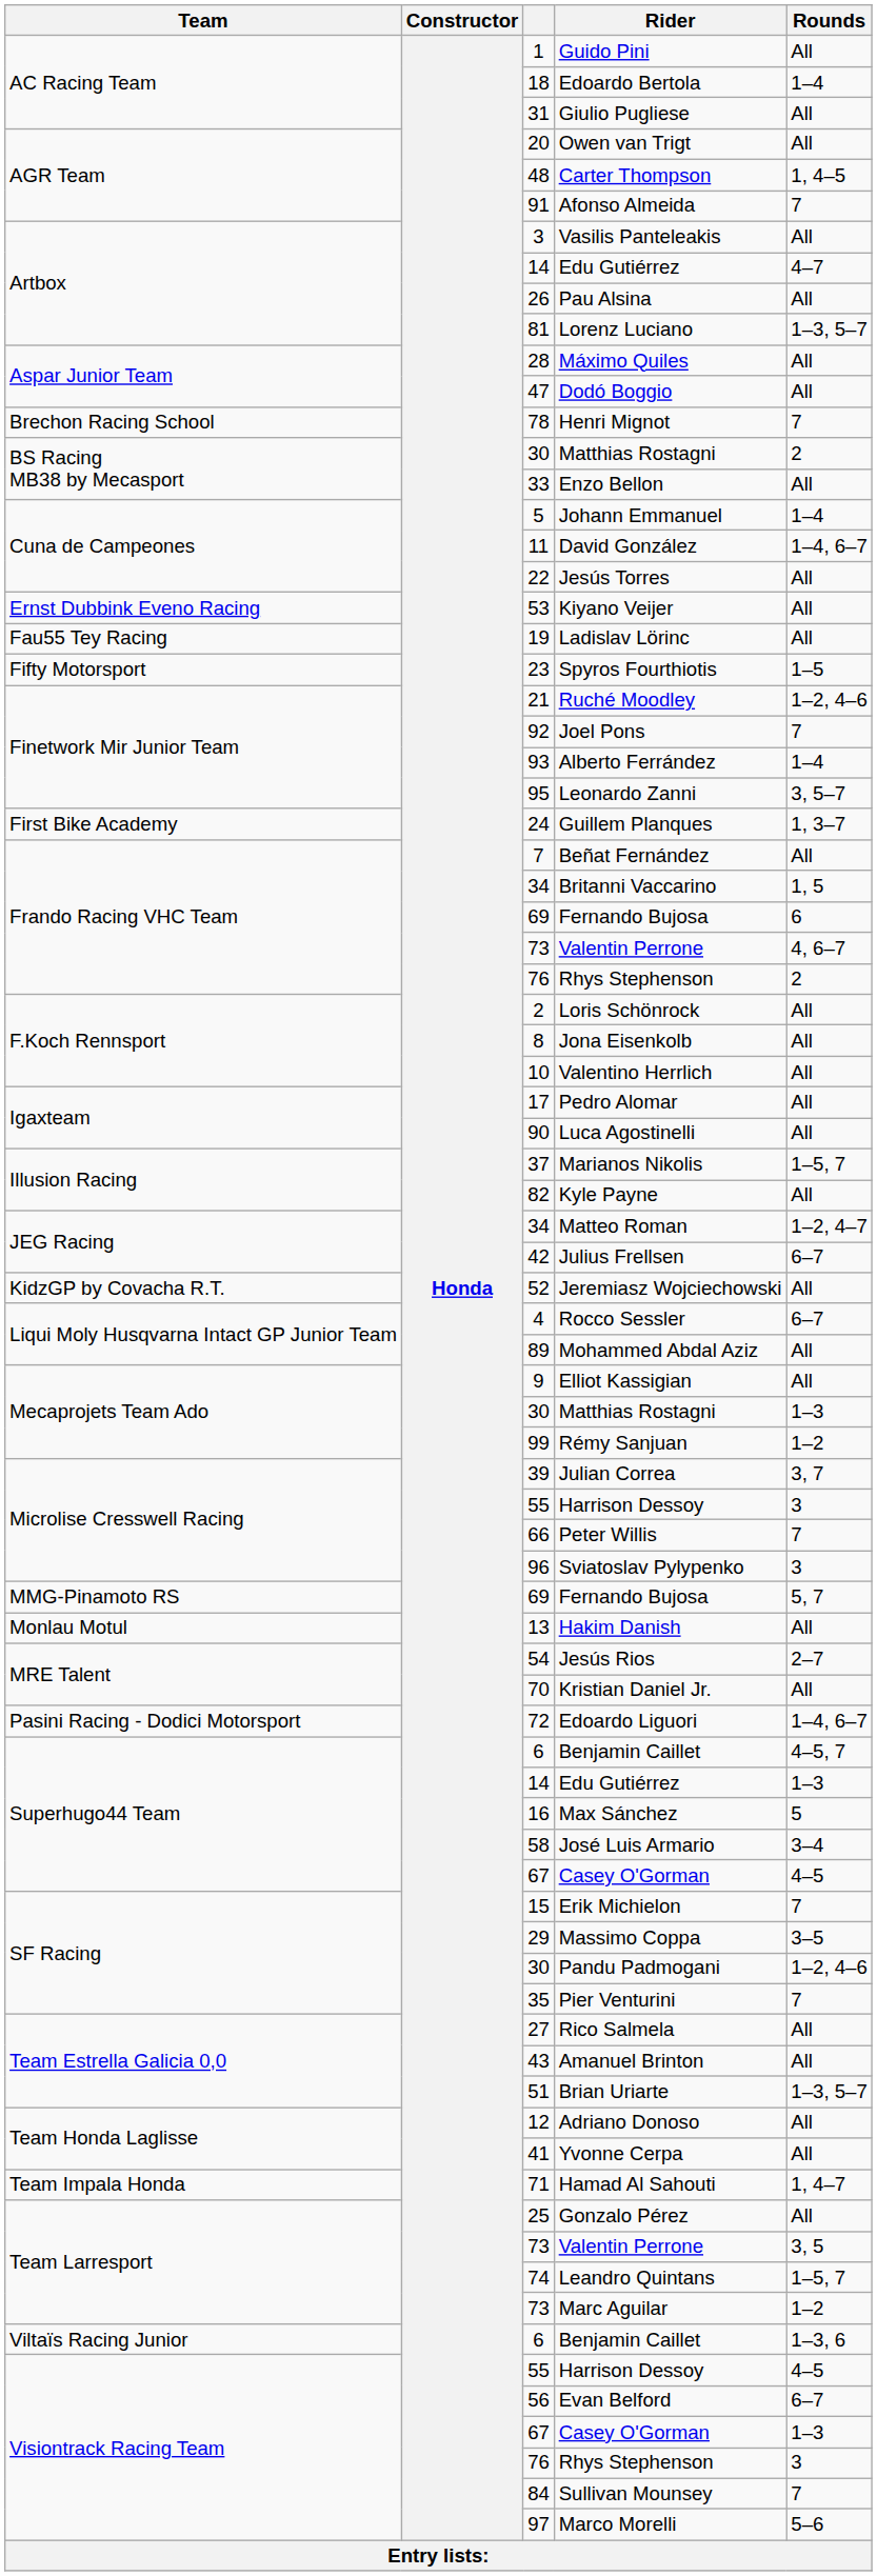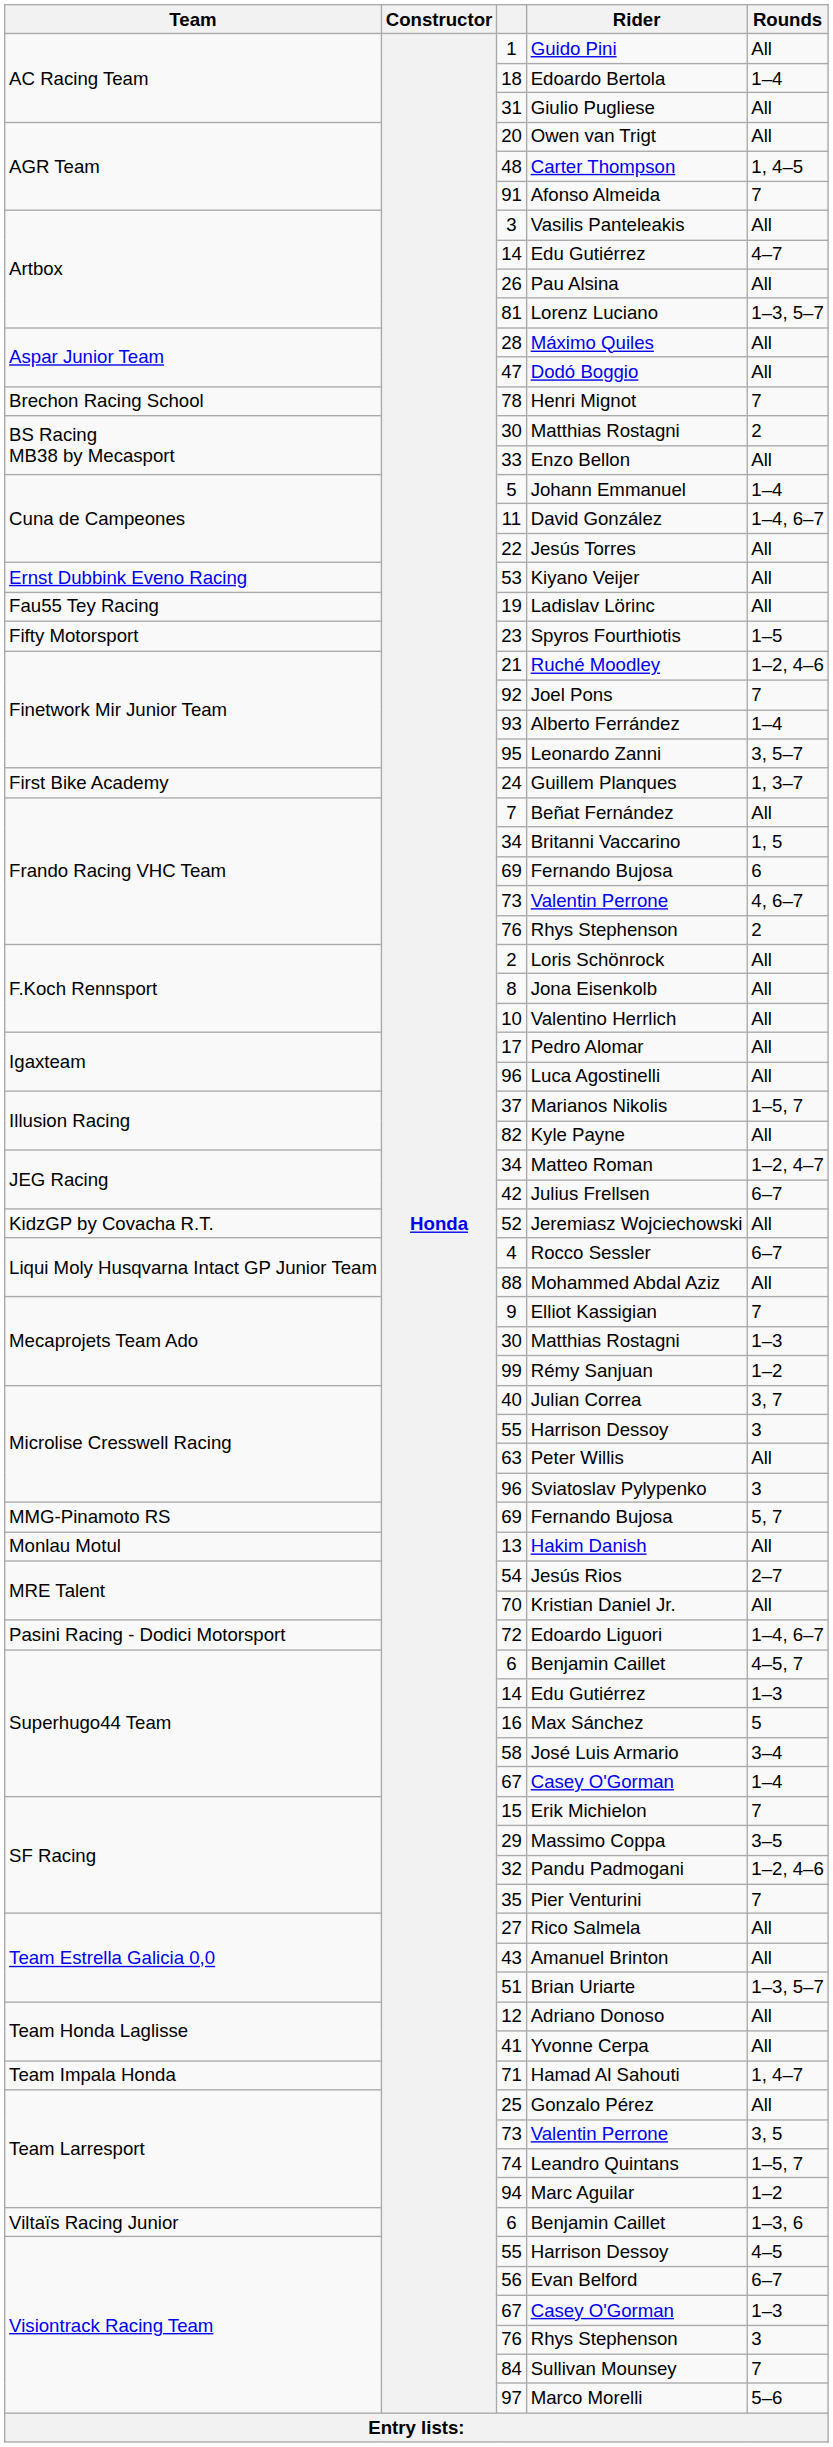 <table class="wikitable" style="font-size:85%;">
 <tr>
 <th>Team</th>
 <th>Constructor</th>
 <th></th>
 <th>Rider</th>
 <th>Rounds</th>
 </tr>
 <tr>
 <td rowspan="3"> AC Racing Team</td>
 <th rowspan="81"><a href='#'>Honda</a></th>
 <td align="center">1</td>
 <td> <a href='#'>Guido Pini</a></td>
 <td>All</td>
 </tr>
 <tr>
 <td align="center">18</td>
 <td> Edoardo Bertola</td>
 <td>1–4</td>
 </tr>
 <tr>
 <td align="center">31</td>
 <td> Giulio Pugliese</td>
 <td>All</td>
 </tr>
 <tr>
 <td rowspan="3"> AGR Team</td>
 <td align="center">20</td>
 <td> Owen van Trigt</td>
 <td>All</td>
 </tr>
 <tr>
 <td align="center">48</td>
 <td> <a href='#'>Carter Thompson</a></td>
 <td>1, 4–5</td>
 </tr>
 <tr>
 <td align="center">91</td>
 <td> Afonso Almeida</td>
 <td>7</td>
 </tr>
 <tr>
 <td rowspan="4"> Artbox</td>
 <td align="center">3</td>
 <td> Vasilis Panteleakis</td>
 <td>All</td>
 </tr>
 <tr>
 <td align="center">14</td>
 <td> Edu Gutiérrez</td>
 <td>4–7</td>
 </tr>
 <tr>
 <td align="center">26</td>
 <td> Pau Alsina</td>
 <td>All</td>
 </tr>
 <tr>
 <td align="center">81</td>
 <td> Lorenz Luciano</td>
 <td>1–3, 5–7</td>
 </tr>
 <tr>
 <td rowspan="2"> <a href='#'>Aspar Junior Team</a></td>
 <td align="center">28</td>
 <td> <a href='#'>Máximo Quiles</a></td>
 <td>All</td>
 </tr>
 <tr>
 <td align="center">47</td>
 <td> <a href='#'>Dodó Boggio</a></td>
 <td>All</td>
 </tr>
 <tr>
 <td> Brechon Racing School</td>
 <td align="center'">78</td>
 <td> Henri Mignot</td>
 <td>7</td>
 </tr>
 <tr>
 <td rowspan="2"> BS Racing<br> MB38 by Mecasport</td>
 <td align="center">30</td>
 <td> Matthias Rostagni</td>
 <td>2</td>
 </tr>
 <tr>
 <td align="center">33</td>
 <td> Enzo Bellon</td>
 <td>All</td>
 </tr>
 <tr>
 <td rowspan="3"> Cuna de Campeones</td>
 <td align="center">5</td>
 <td> Johann Emmanuel</td>
 <td>1–4</td>
 </tr>
 <tr>
 <td align="center">11</td>
 <td> David González</td>
 <td>1–4, 6–7</td>
 </tr>
 <tr>
 <td align="center">22</td>
 <td> Jesús Torres</td>
 <td>All</td>
 </tr>
 <tr>
 <td> <a href='#'>Ernst Dubbink Eveno Racing</a></td>
 <td align="center">53</td>
 <td> Kiyano Veijer</td>
 <td>All</td>
 </tr>
 <tr>
 <td> Fau55 Tey Racing</td>
 <td align="center">19</td>
 <td> Ladislav Lörinc</td>
 <td>All</td>
 </tr>
 <tr>
 <td> Fifty Motorsport</td>
 <td align="center">23</td>
 <td> Spyros Fourthiotis</td>
 <td>1–5</td>
 </tr>
 <tr>
 <td rowspan="4"> Finetwork Mir Junior Team</td>
 <td align="center">21</td>
 <td> <a href='#'>Ruché Moodley</a></td>
 <td>1–2, 4–6</td>
 </tr>
 <tr>
 <td align="center">92</td>
 <td> Joel Pons</td>
 <td>7</td>
 </tr>
 <tr>
 <td align="center">93</td>
 <td> Alberto Ferrández</td>
 <td>1–4</td>
 </tr>
 <tr>
 <td align="center">95</td>
 <td> Leonardo Zanni</td>
 <td>3, 5–7</td>
 </tr>
 <tr>
 <td> First Bike Academy</td>
 <td align="center">24</td>
 <td> Guillem Planques</td>
 <td>1, 3–7</td>
 </tr>
 <tr>
 <td rowspan="5"> Frando Racing VHC Team</td>
 <td align="center">7</td>
 <td> Beñat Fernández</td>
 <td>All</td>
 </tr>
 <tr>
 <td align="center">34</td>
 <td> Britanni Vaccarino</td>
 <td>1, 5</td>
 </tr>
 <tr>
 <td align="center">69</td>
 <td> Fernando Bujosa</td>
 <td>6</td>
 </tr>
 <tr>
 <td align="center">73</td>
 <td> <a href='#'>Valentin Perrone</a></td>
 <td>4, 6–7</td>
 </tr>
 <tr>
 <td align="center">76</td>
 <td> Rhys Stephenson</td>
 <td>2</td>
 </tr>
 <tr>
 <td rowspan="3"> F.Koch Rennsport</td>
 <td align="center">2</td>
 <td> Loris Schönrock</td>
 <td>All</td>
 </tr>
 <tr>
 <td align="center">8</td>
 <td> Jona Eisenkolb</td>
 <td>All</td>
 </tr>
 <tr>
 <td align="center">10</td>
 <td> Valentino Herrlich</td>
 <td>All</td>
 </tr>
 <tr>
 <td rowspan="2"> Igaxteam</td>
 <td align="center">17</td>
 <td> Pedro Alomar</td>
 <td>All</td>
 </tr>
 <tr>
-<td align="center">90</td>
+<td align="center">96</td>
 <td> Luca Agostinelli</td>
 <td>All</td>
 </tr>
 <tr>
 <td rowspan="2"> Illusion Racing</td>
 <td align="center">37</td>
 <td> Marianos Nikolis</td>
 <td>1–5, 7</td>
 </tr>
 <tr>
 <td align="center">82</td>
 <td> Kyle Payne</td>
 <td>All</td>
 </tr>
 <tr>
 <td rowspan="2"> JEG Racing</td>
 <td align="center">34</td>
 <td> Matteo Roman</td>
 <td>1–2, 4–7</td>
 </tr>
 <tr>
 <td align="center">42</td>
 <td> Julius Frellsen</td>
 <td>6–7</td>
 </tr>
 <tr>
 <td> KidzGP by Covacha R.T.</td>
 <td align="center">52</td>
 <td> Jeremiasz Wojciechowski</td>
 <td>All</td>
 </tr>
 <tr>
 <td rowspan="2"> Liqui Moly Husqvarna Intact GP Junior Team</td>
 <td align="center">4</td>
 <td> Rocco Sessler</td>
 <td>6–7</td>
 </tr>
 <tr>
-<td align="center">89</td>
+<td align="center">88</td>
 <td> Mohammed Abdal Aziz</td>
 <td>All</td>
 </tr>
 <tr>
 <td rowspan="3"> Mecaprojets Team Ado</td>
 <td align="center">9</td>
 <td> Elliot Kassigian</td>
-<td>All</td>
+<td>7</td>
 </tr>
 <tr>
 <td align="center">30</td>
 <td> Matthias Rostagni</td>
 <td>1–3</td>
 </tr>
 <tr>
 <td align="center">99</td>
 <td> Rémy Sanjuan</td>
 <td>1–2</td>
 </tr>
 <tr>
 <td rowspan="4"> Microlise Cresswell Racing</td>
-<td align="center">39</td>
+<td align="center">40</td>
 <td> Julian Correa</td>
 <td>3, 7</td>
 </tr>
 <tr>
 <td align="center">55</td>
 <td> Harrison Dessoy</td>
 <td>3</td>
 </tr>
 <tr>
-<td align="center">66</td>
+<td align="center">63</td>
 <td> Peter Willis</td>
-<td>7</td>
+<td>All</td>
 </tr>
 <tr>
 <td align="center">96</td>
 <td> Sviatoslav Pylypenko</td>
 <td>3</td>
 </tr>
 <tr>
 <td> MMG-Pinamoto RS</td>
 <td align="center">69</td>
 <td> Fernando Bujosa</td>
 <td>5, 7</td>
 </tr>
 <tr>
 <td> Monlau Motul</td>
 <td align="center">13</td>
 <td> <a href='#'>Hakim Danish</a></td>
 <td>All</td>
 </tr>
 <tr>
 <td rowspan="2"> MRE Talent</td>
 <td align="center">54</td>
 <td> Jesús Rios</td>
 <td>2–7</td>
 </tr>
 <tr>
 <td align="center">70</td>
 <td> Kristian Daniel Jr.</td>
 <td>All</td>
 </tr>
 <tr>
 <td> Pasini Racing - Dodici Motorsport</td>
 <td align="center">72</td>
 <td> Edoardo Liguori</td>
 <td>1–4, 6–7</td>
 </tr>
 <tr>
 <td rowspan="5"> Superhugo44 Team</td>
 <td align="center">6</td>
 <td> Benjamin Caillet</td>
 <td>4–5, 7</td>
 </tr>
 <tr>
 <td align="center">14</td>
 <td> Edu Gutiérrez</td>
 <td>1–3</td>
 </tr>
 <tr>
 <td align="center">16</td>
 <td> Max Sánchez</td>
 <td>5</td>
 </tr>
 <tr>
 <td align="center">58</td>
 <td> José Luis Armario</td>
 <td>3–4</td>
 </tr>
 <tr>
 <td align="center">67</td>
 <td> <a href='#'>Casey O'Gorman</a></td>
-<td>4–5</td>
+<td>1–4</td>
 </tr>
 <tr>
 <td rowspan="4"> SF Racing</td>
 <td align="center">15</td>
 <td> Erik Michielon</td>
 <td>7</td>
 </tr>
 <tr>
 <td align="center">29</td>
 <td> Massimo Coppa</td>
 <td>3–5</td>
 </tr>
 <tr>
-<td align="center">30</td>
+<td align="center">32</td>
 <td> Pandu Padmogani</td>
 <td>1–2, 4–6</td>
 </tr>
 <tr>
 <td align="center">35</td>
 <td> Pier Venturini</td>
 <td>7</td>
 </tr>
 <tr>
 <td rowspan="3"> <a href='#'>Team Estrella Galicia 0,0</a></td>
 <td align="center">27</td>
 <td> Rico Salmela</td>
 <td>All</td>
 </tr>
 <tr>
 <td align="center">43</td>
 <td> Amanuel Brinton</td>
 <td>All</td>
 </tr>
 <tr>
 <td align="center">51</td>
 <td> Brian Uriarte</td>
 <td>1–3, 5–7</td>
 </tr>
 <tr>
 <td rowspan="2"> Team Honda Laglisse</td>
 <td align="center">12</td>
 <td> Adriano Donoso</td>
 <td>All</td>
 </tr>
 <tr>
 <td align="center">41</td>
 <td> Yvonne Cerpa</td>
 <td>All</td>
 </tr>
 <tr>
 <td> Team Impala Honda</td>
 <td align="center">71</td>
 <td> Hamad Al Sahouti</td>
 <td>1, 4–7</td>
 </tr>
 <tr>
 <td rowspan="4"> Team Larresport</td>
 <td align="center">25</td>
 <td> Gonzalo Pérez</td>
 <td>All</td>
 </tr>
 <tr>
 <td align="center">73</td>
 <td> <a href='#'>Valentin Perrone</a></td>
 <td>3, 5</td>
 </tr>
 <tr>
 <td align="center">74</td>
 <td> Leandro Quintans</td>
 <td>1–5, 7</td>
 </tr>
 <tr>
-<td align="center">73</td>
+<td align="center">94</td>
 <td> Marc Aguilar</td>
 <td>1–2</td>
 </tr>
 <tr>
 <td> Viltaïs Racing Junior</td>
 <td align="center">6</td>
 <td> Benjamin Caillet</td>
 <td>1–3, 6</td>
 </tr>
 <tr>
 <td rowspan="6"> <a href='#'>Visiontrack Racing Team</a></td>
 <td align="center">55</td>
 <td> Harrison Dessoy</td>
 <td>4–5</td>
 </tr>
 <tr>
 <td align="center">56</td>
 <td> Evan Belford</td>
 <td>6–7</td>
 </tr>
 <tr>
 <td align="center">67</td>
 <td> <a href='#'>Casey O'Gorman</a></td>
 <td>1–3</td>
 </tr>
 <tr>
 <td align="center">76</td>
 <td> Rhys Stephenson</td>
 <td>3</td>
 </tr>
 <tr>
 <td align="center">84</td>
 <td> Sullivan Mounsey</td>
 <td>7</td>
 </tr>
 <tr>
 <td align="center">97</td>
 <td> Marco Morelli</td>
 <td>5–6</td>
 </tr>
 <tr>
 <th colspan="5">Entry lists:</th>
 </tr>
 </table>
